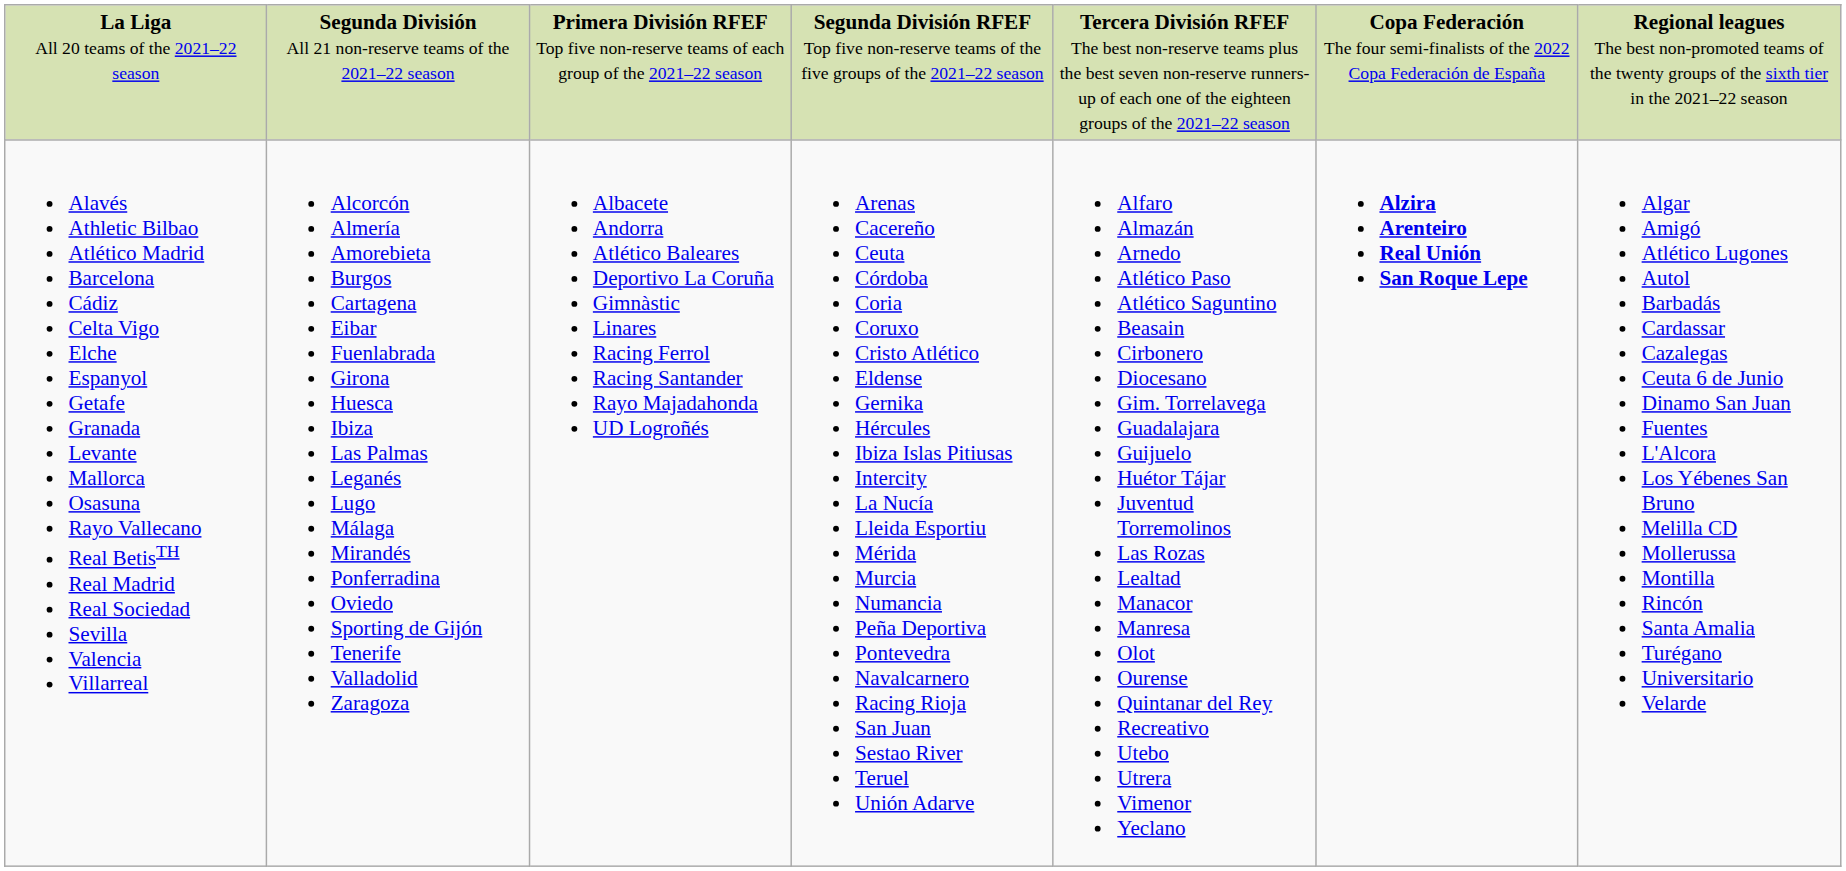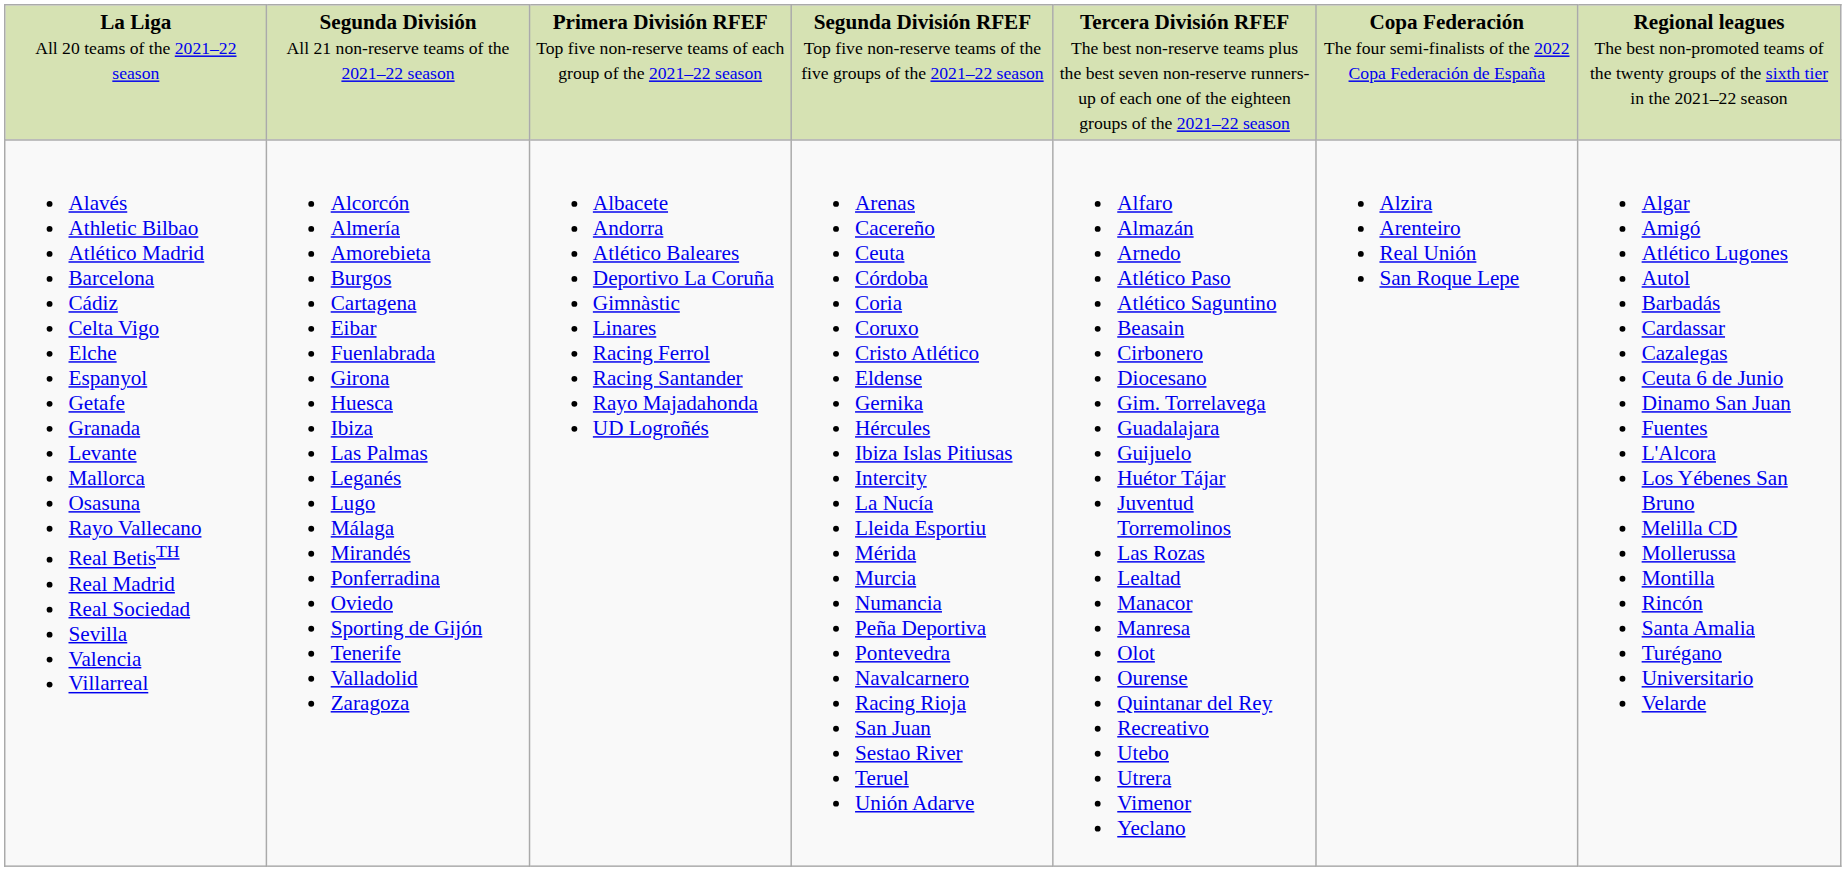 <table class="wikitable" style="font-size:90%">
 <tr style="background-color:#d6e2b3; text-align:center; vertical-align:top">
 <td style="width:14%"><strong>La Liga</strong><br><small>All 20 teams of the <a href='#'>2021–22 season</a></small></td>
 <td style="width:14%"><strong>Segunda División</strong><br><small>All 21 non-reserve teams of the <a href='#'>2021–22 season</a></small></td>
 <td style="width:14%"><strong>Primera División RFEF</strong><br><small>Top five non-reserve teams of each group of the <a href='#'>2021–22 season</a></small></td>
 <td style="width:14%"><strong>Segunda División RFEF</strong><br><small>Top five non-reserve teams of the five groups of the <a href='#'>2021–22 season</a></small></td>
 <td style="width:14%"><strong>Tercera División RFEF</strong><br><small>The best non-reserve teams plus the best seven non-reserve runners-up of each one of the eighteen groups of the <a href='#'>2021–22 season</a></small></td>
 <td style="width:14%"><strong>Copa Federación</strong><br><small>The four semi-finalists of the <a href='#'>2022 Copa Federación de España</a></small></td>
 <td style="width:14%"><strong>Regional leagues</strong><br><small>The best non-promoted teams of the twenty groups of the <a href='#'>sixth tier</a> in the 2021–22 season </small></td>
 </tr>
 <tr style="vertical-align:top">
 <td><br><ul><li><a href='#'>Alavés</a></li><li><a href='#'>Athletic Bilbao</a></li><li><a href='#'>Atlético Madrid</a></li><li><a href='#'>Barcelona</a></li><li><a href='#'>Cádiz</a></li><li><a href='#'>Celta Vigo</a></li><li><a href='#'>Elche</a></li><li><a href='#'>Espanyol</a></li><li><a href='#'>Getafe</a></li><li><a href='#'>Granada</a></li><li><a href='#'>Levante</a></li><li><a href='#'>Mallorca</a></li><li><a href='#'>Osasuna</a></li><li><a href='#'>Rayo Vallecano</a></li><li><a href='#'>Real Betis</a><sup><a href='#'>TH</a></sup></li><li><a href='#'>Real Madrid</a></li><li><a href='#'>Real Sociedad</a></li><li><a href='#'>Sevilla</a></li><li><a href='#'>Valencia</a></li><li><a href='#'>Villarreal</a></li></ul></td>
 <td><br><ul><li><a href='#'>Alcorcón</a></li><li><a href='#'>Almería</a></li><li><a href='#'>Amorebieta</a></li><li><a href='#'>Burgos</a></li><li><a href='#'>Cartagena</a></li><li><a href='#'>Eibar</a></li><li><a href='#'>Fuenlabrada</a></li><li><a href='#'>Girona</a></li><li><a href='#'>Huesca</a></li><li><a href='#'>Ibiza</a></li><li><a href='#'>Las Palmas</a></li><li><a href='#'>Leganés</a></li><li><a href='#'>Lugo</a></li><li><a href='#'>Málaga</a></li><li><a href='#'>Mirandés</a></li><li><a href='#'>Ponferradina</a></li><li><a href='#'>Oviedo</a></li><li><a href='#'>Sporting de Gijón</a></li><li><a href='#'>Tenerife</a></li><li><a href='#'>Valladolid</a></li><li><a href='#'>Zaragoza</a></li></ul></td>
 <td><br><ul><li><a href='#'>Albacete</a></li><li><a href='#'>Andorra</a></li><li><a href='#'>Atlético Baleares</a></li><li><a href='#'>Deportivo La Coruña</a></li><li><a href='#'>Gimnàstic</a></li><li><a href='#'>Linares</a></li><li><a href='#'>Racing Ferrol</a></li><li><a href='#'>Racing Santander</a></li><li><a href='#'>Rayo Majadahonda</a></li><li><a href='#'>UD Logroñés</a></li></ul></td>
 <td><br><ul><li><a href='#'>Arenas</a></li><li><a href='#'>Cacereño</a></li><li><a href='#'>Ceuta</a></li><li><a href='#'>Córdoba</a></li><li><a href='#'>Coria</a></li><li><a href='#'>Coruxo</a></li><li><a href='#'>Cristo Atlético</a></li><li><a href='#'>Eldense</a></li><li><a href='#'>Gernika</a></li><li><a href='#'>Hércules</a></li><li><a href='#'>Ibiza Islas Pitiusas</a></li><li><a href='#'>Intercity</a></li><li><a href='#'>La Nucía</a></li><li><a href='#'>Lleida Esportiu</a></li><li><a href='#'>Mérida</a></li><li><a href='#'>Murcia</a></li><li><a href='#'>Numancia</a></li><li><a href='#'>Peña Deportiva</a></li><li><a href='#'>Pontevedra</a></li><li><a href='#'>Navalcarnero</a></li><li><a href='#'>Racing Rioja</a></li><li><a href='#'>San Juan</a></li><li><a href='#'>Sestao River</a></li><li><a href='#'>Teruel</a></li><li><a href='#'>Unión Adarve</a></li></ul></td>
 <td><br><ul><li><a href='#'>Alfaro</a></li><li><a href='#'>Almazán</a></li><li><a href='#'>Arnedo</a></li><li><a href='#'>Atlético Paso</a></li><li><a href='#'>Atlético Saguntino</a></li><li><a href='#'>Beasain</a></li><li><a href='#'>Cirbonero</a></li><li><a href='#'>Diocesano</a></li><li><a href='#'>Gim. Torrelavega</a></li><li><a href='#'>Guadalajara</a></li><li><a href='#'>Guijuelo</a></li><li><a href='#'>Huétor Tájar</a></li><li><a href='#'>Juventud Torremolinos</a></li><li><a href='#'>Las Rozas</a></li><li><a href='#'>Lealtad</a></li><li><a href='#'>Manacor</a></li><li><a href='#'>Manresa</a></li><li><a href='#'>Olot</a></li><li><a href='#'>Ourense</a></li><li><a href='#'>Quintanar del Rey</a></li><li><a href='#'>Recreativo</a></li><li><a href='#'>Utebo</a></li><li><a href='#'>Utrera</a></li><li><a href='#'>Vimenor</a></li><li><a href='#'>Yeclano</a></li></ul></td>
-<td><strong><br><ul><li><a href='#'>Alzira</a></li><li><a href='#'>Arenteiro</a></li><li><a href='#'>Real Unión</a></li><li><a href='#'>San Roque Lepe</a></li></ul></strong></td>
+<td><br><ul><li><a href='#'>Alzira</a></li><li><a href='#'>Arenteiro</a></li><li><a href='#'>Real Unión</a></li><li><a href='#'>San Roque Lepe</a></li></ul></td>
 <td><br><ul><li><a href='#'>Algar</a></li><li><a href='#'>Amigó</a></li><li><a href='#'>Atlético Lugones</a></li><li><a href='#'>Autol</a></li><li><a href='#'>Barbadás</a></li><li><a href='#'>Cardassar</a></li><li><a href='#'>Cazalegas</a></li><li><a href='#'>Ceuta 6 de Junio</a></li><li><a href='#'>Dinamo San Juan</a></li><li><a href='#'>Fuentes</a></li><li><a href='#'>L'Alcora</a></li><li><a href='#'>Los Yébenes San Bruno</a></li><li><a href='#'>Melilla CD</a></li><li><a href='#'>Mollerussa</a></li><li><a href='#'>Montilla</a></li><li><a href='#'>Rincón</a></li><li><a href='#'>Santa Amalia</a></li><li><a href='#'>Turégano</a></li><li><a href='#'>Universitario</a></li><li><a href='#'>Velarde</a></li></ul></td>
 </tr>
 </table>
